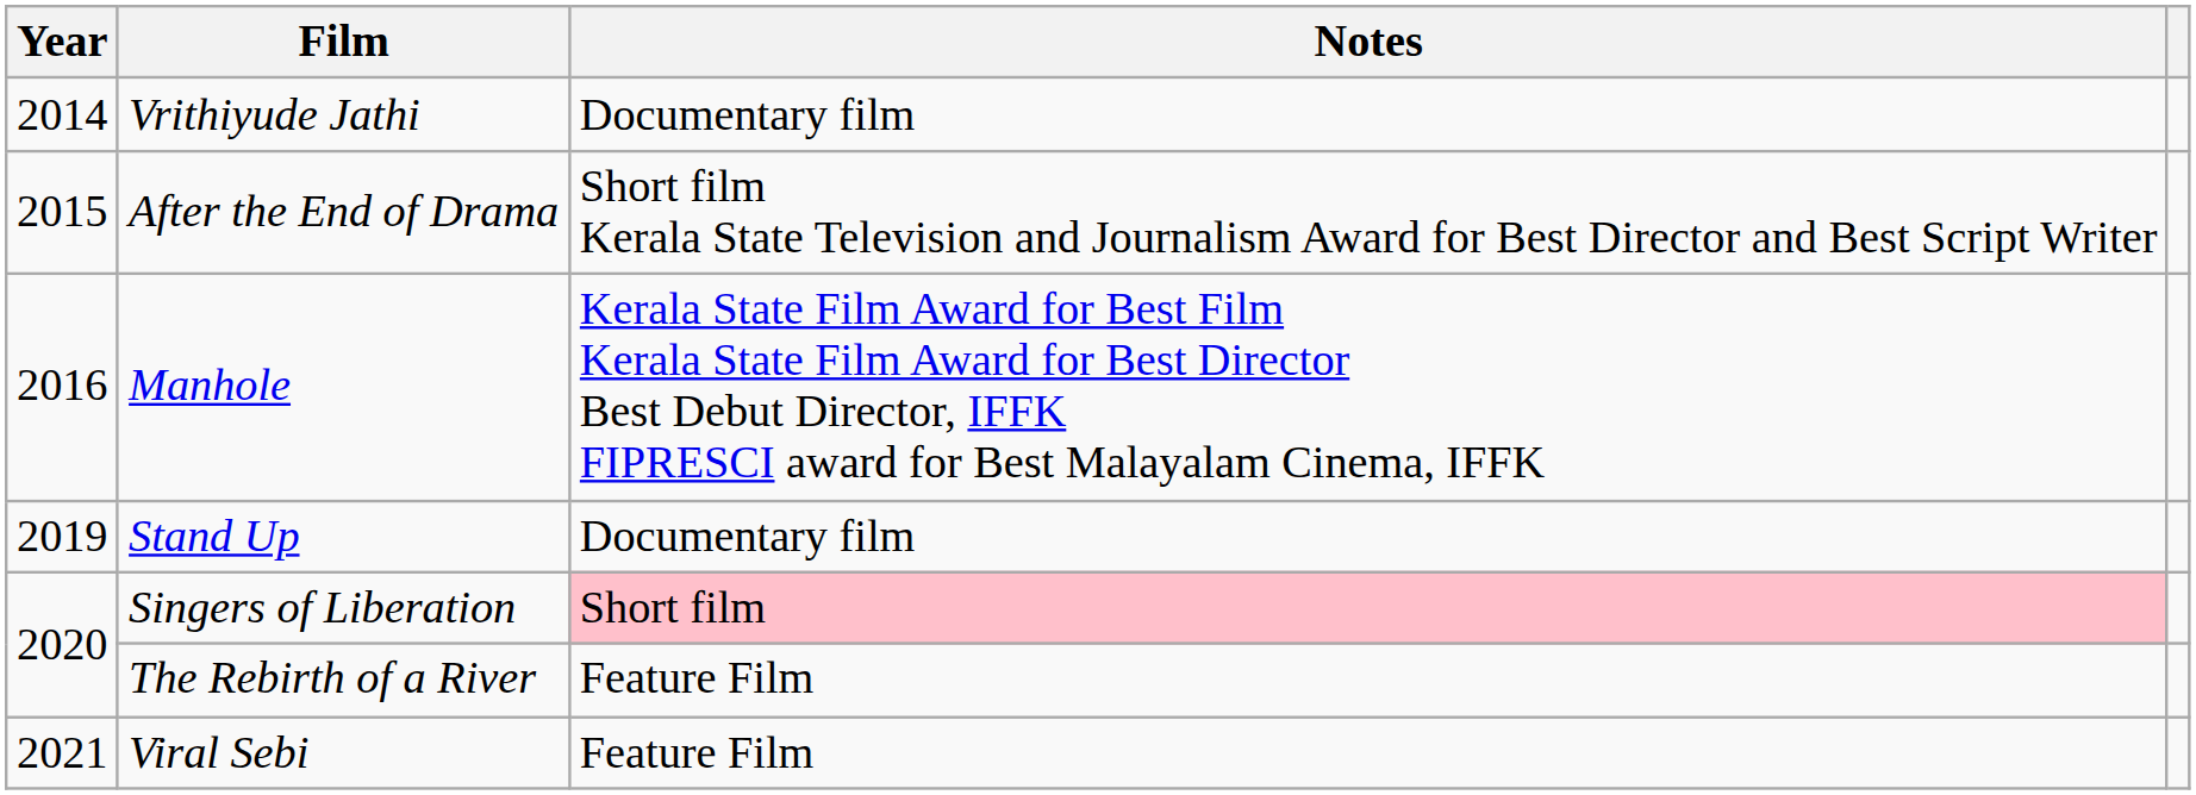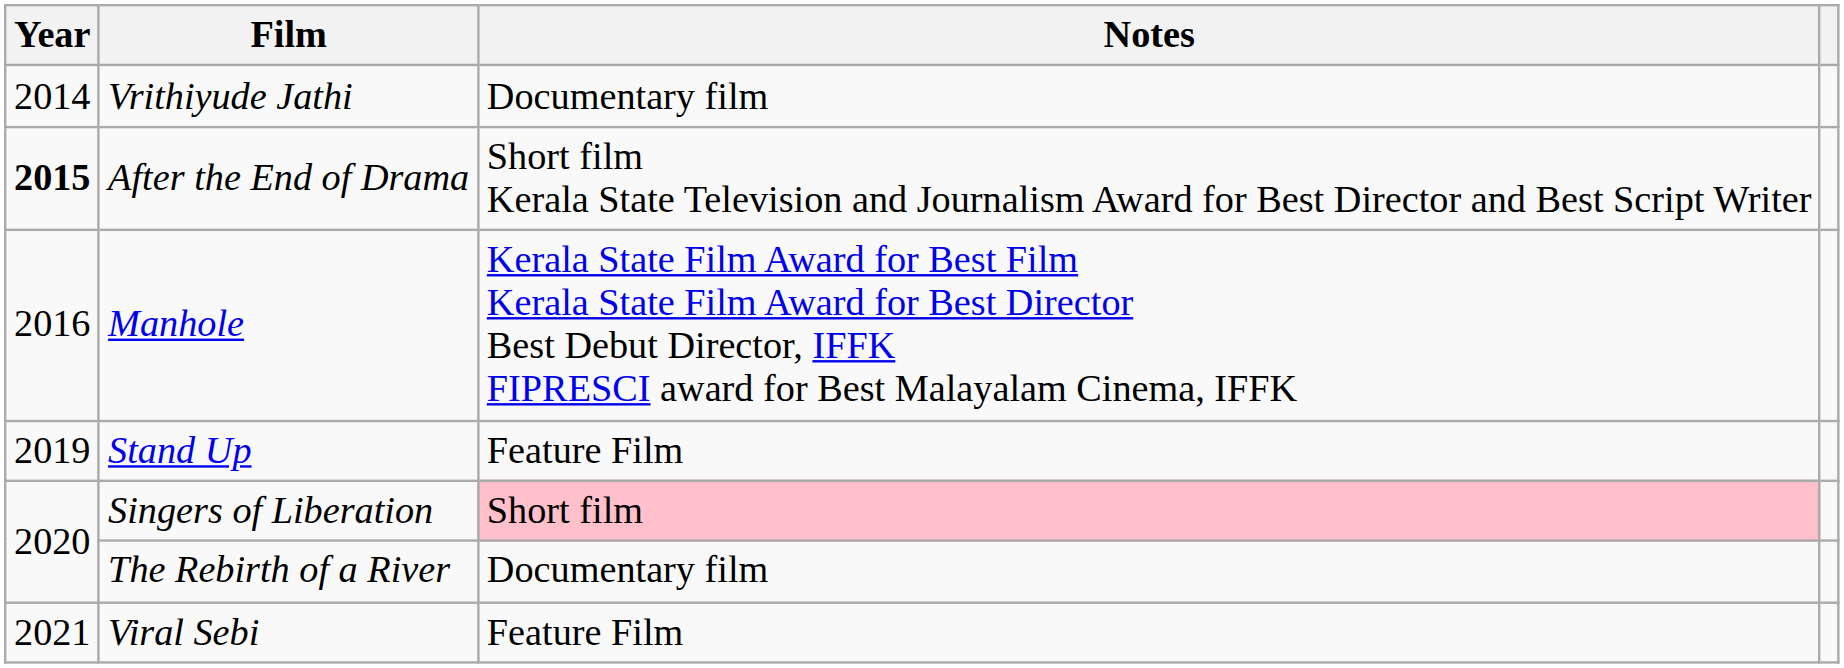 <table class="wikitable sortable">
 <tr>
 <th>Year</th>
 <th>Film</th>
 <th class="unsortable">Notes</th>
 <th class="unsortable"></th>
 </tr>
 <tr>
 <td>2014</td>
 <td><em>Vrithiyude Jathi</em></td>
 <td>Documentary film</td>
 <td></td>
 </tr>
 <tr>
-<td>2015</td>
+<td><strong>2015</strong></td>
 <td><em>After the End of Drama</em></td>
 <td>Short film<br>Kerala State Television and Journalism Award for Best Director and Best Script Writer</td>
 <td></td>
 </tr>
 <tr>
 <td>2016</td>
 <td><em><a href='#'>Manhole</a></em></td>
 <td><a href='#'>Kerala State Film Award for Best Film</a> <br><a href='#'>Kerala State Film Award for Best Director</a><br>Best Debut Director, <a href='#'>IFFK</a><br><a href='#'>FIPRESCI</a> award for Best Malayalam Cinema, IFFK</td>
 <td></td>
 </tr>
 <tr>
 <td>2019</td>
 <td><em><a href='#'>Stand Up</a></em></td>
-<td>Documentary film</td>
+<td>Feature Film</td>
 <td></td>
 </tr>
 <tr>
 <td rowspan="2">2020</td>
 <td><em>Singers of Liberation</em></td>
 <td style="background: pink;">Short film</td>
 <td></td>
 </tr>
 <tr>
 <td><em>The Rebirth of a River</em></td>
-<td>Feature Film</td>
+<td>Documentary film</td>
 <td></td>
 </tr>
 <tr>
 <td>2021</td>
 <td><em>Viral Sebi</em></td>
 <td>Feature Film</td>
 <td></td>
 </tr>
 </table>
